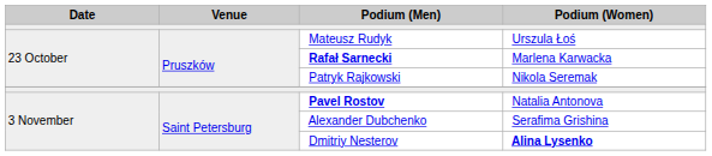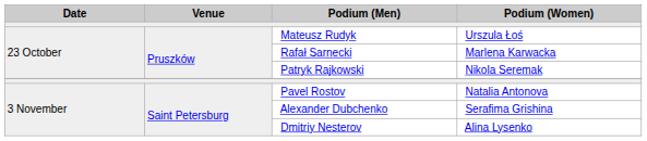 <table class="wikitable" width=70% bgcolor="#f7f8ff" cellpadding="3" cellspacing="0" border="1" style="font-size: 95%; border: gray solid 1px; border-collapse: collapse;">
 <tr bgcolor="#CCCCCC">
 <td align="center"><strong>Date</strong></td>
 <td width=20% align="center"><strong>Venue</strong></td>
 <td width=29% align="center"><strong>Podium (Men)</strong></td>
 <td width=29% align="center"><strong>Podium (Women)</strong></td>
 </tr>
 <tr bgcolor="#EFEFEF">
 <td colspan=4></td>
 </tr>
 <tr bgcolor="#EFEFEF">
 <td rowspan=3>23 October</td>
 <td rowspan=3><br><a href='#'>Pruszków</a></td>
 <td bgcolor="#ffffff">   <a href='#'>Mateusz Rudyk</a></td>
 <td bgcolor="#ffffff">   <a href='#'>Urszula Łoś</a></td>
 </tr>
 <tr>
-<td bgcolor="#ffffff"><strong>   <a href='#'>Rafał Sarnecki</a></strong></td>
+<td bgcolor="#ffffff">   <a href='#'>Rafał Sarnecki</a></td>
 <td bgcolor="#ffffff">   <a href='#'>Marlena Karwacka</a></td>
 </tr>
 <tr>
 <td bgcolor="#ffffff">   <a href='#'>Patryk Rajkowski</a></td>
 <td bgcolor="#ffffff">   <a href='#'>Nikola Seremak</a></td>
 </tr>
 <tr>
 </tr>
 <tr bgcolor="#EFEFEF">
 <td colspan=4></td>
 </tr>
 <tr bgcolor="#EFEFEF">
 <td rowspan=3>3 November</td>
 <td rowspan=3><br><a href='#'>Saint Petersburg</a></td>
-<td bgcolor="#ffffff"><strong>   <a href='#'>Pavel Rostov</a></strong></td>
+<td bgcolor="#ffffff">   <a href='#'>Pavel Rostov</a></td>
 <td bgcolor="#ffffff">   <a href='#'>Natalia Antonova</a></td>
 </tr>
 <tr>
 <td bgcolor="#ffffff">   <a href='#'>Alexander Dubchenko</a></td>
 <td bgcolor="#ffffff">   <a href='#'>Serafima Grishina</a></td>
 </tr>
 <tr>
 <td bgcolor="#ffffff">   <a href='#'>Dmitriy Nesterov</a></td>
-<td bgcolor="#ffffff"><strong>   <a href='#'>Alina Lysenko</a></strong></td>
+<td bgcolor="#ffffff">   <a href='#'>Alina Lysenko</a></td>
 </tr>
 </table>
